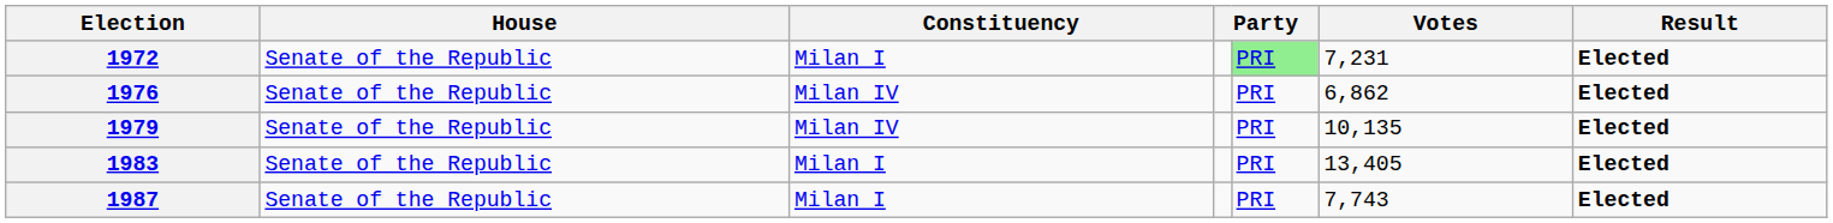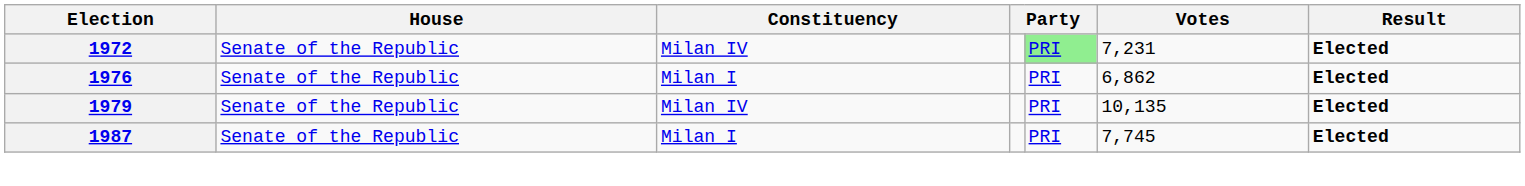 <table class=wikitable style="width:55%; border:1px #AAAAFF solid">
 <tr>
 <th width=12%>Election</th>
 <th width=25%>House</th>
 <th width=20%>Constituency</th>
 <th width=5% colspan="2">Party</th>
 <th width=12%>Votes</th>
 <th width=12%>Result</th>
 </tr>
 <tr>
 <th><a href='#'>1972</a></th>
 <td><a href='#'>Senate of the Republic</a></td>
-<td><a href='#'>Milan I</a></td>
+<td><a href='#'>Milan IV</a></td>
 <td></td>
 <td style="background: lightgreen;"><a href='#'>PRI</a></td>
 <td>7,231</td>
 <td> <strong>Elected</strong></td>
 </tr>
 <tr>
 <th><a href='#'>1976</a></th>
 <td><a href='#'>Senate of the Republic</a></td>
-<td><a href='#'>Milan IV</a></td>
+<td><a href='#'>Milan I</a></td>
 <td></td>
 <td><a href='#'>PRI</a></td>
 <td>6,862</td>
 <td> <strong>Elected</strong></td>
 </tr>
 <tr>
 <th><a href='#'>1979</a></th>
 <td><a href='#'>Senate of the Republic</a></td>
 <td><a href='#'>Milan IV</a></td>
 <td></td>
 <td><a href='#'>PRI</a></td>
 <td>10,135</td>
 <td> <strong>Elected</strong></td>
 </tr>
 <tr>
-<th><a href='#'>1983</a></th>
-<td><a href='#'>Senate of the Republic</a></td>
-<td><a href='#'>Milan I</a></td>
-<td></td>
-<td><a href='#'>PRI</a></td>
-<td>13,405</td>
-<td> <strong>Elected</strong></td>
-</tr>
-<tr>
 <th><a href='#'>1987</a></th>
 <td><a href='#'>Senate of the Republic</a></td>
 <td><a href='#'>Milan I</a></td>
 <td></td>
 <td><a href='#'>PRI</a></td>
-<td>7,743</td>
+<td>7,745</td>
 <td> <strong>Elected</strong></td>
 </tr>
 </table>
